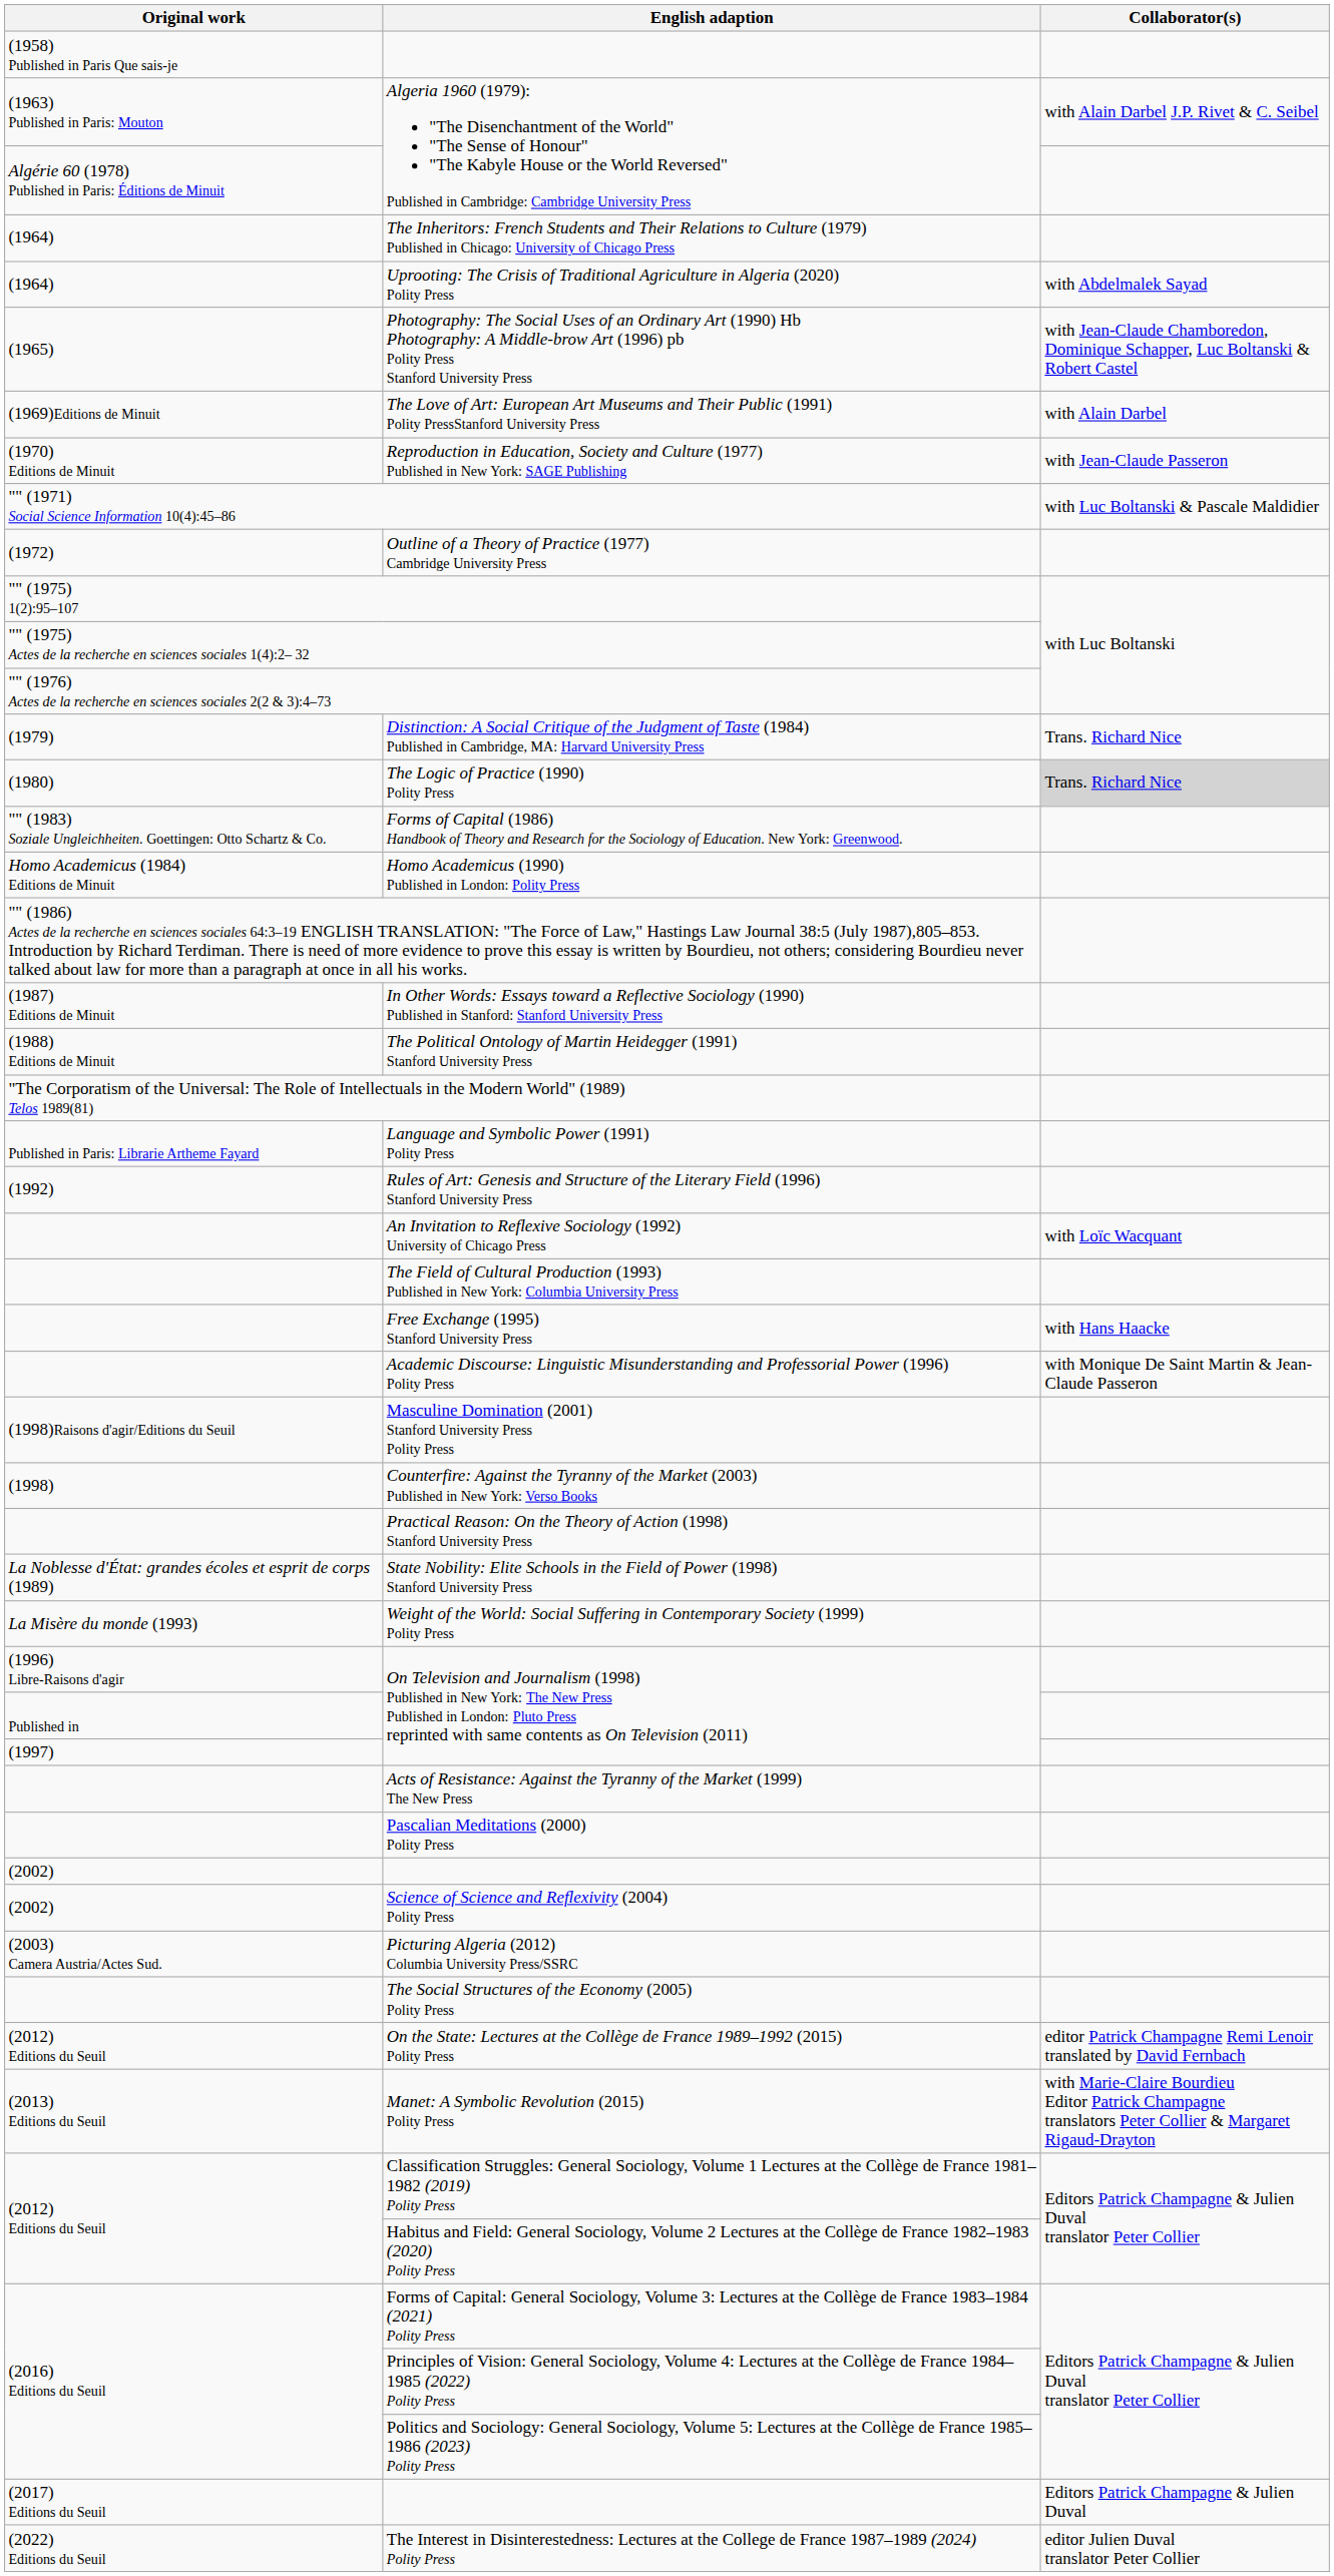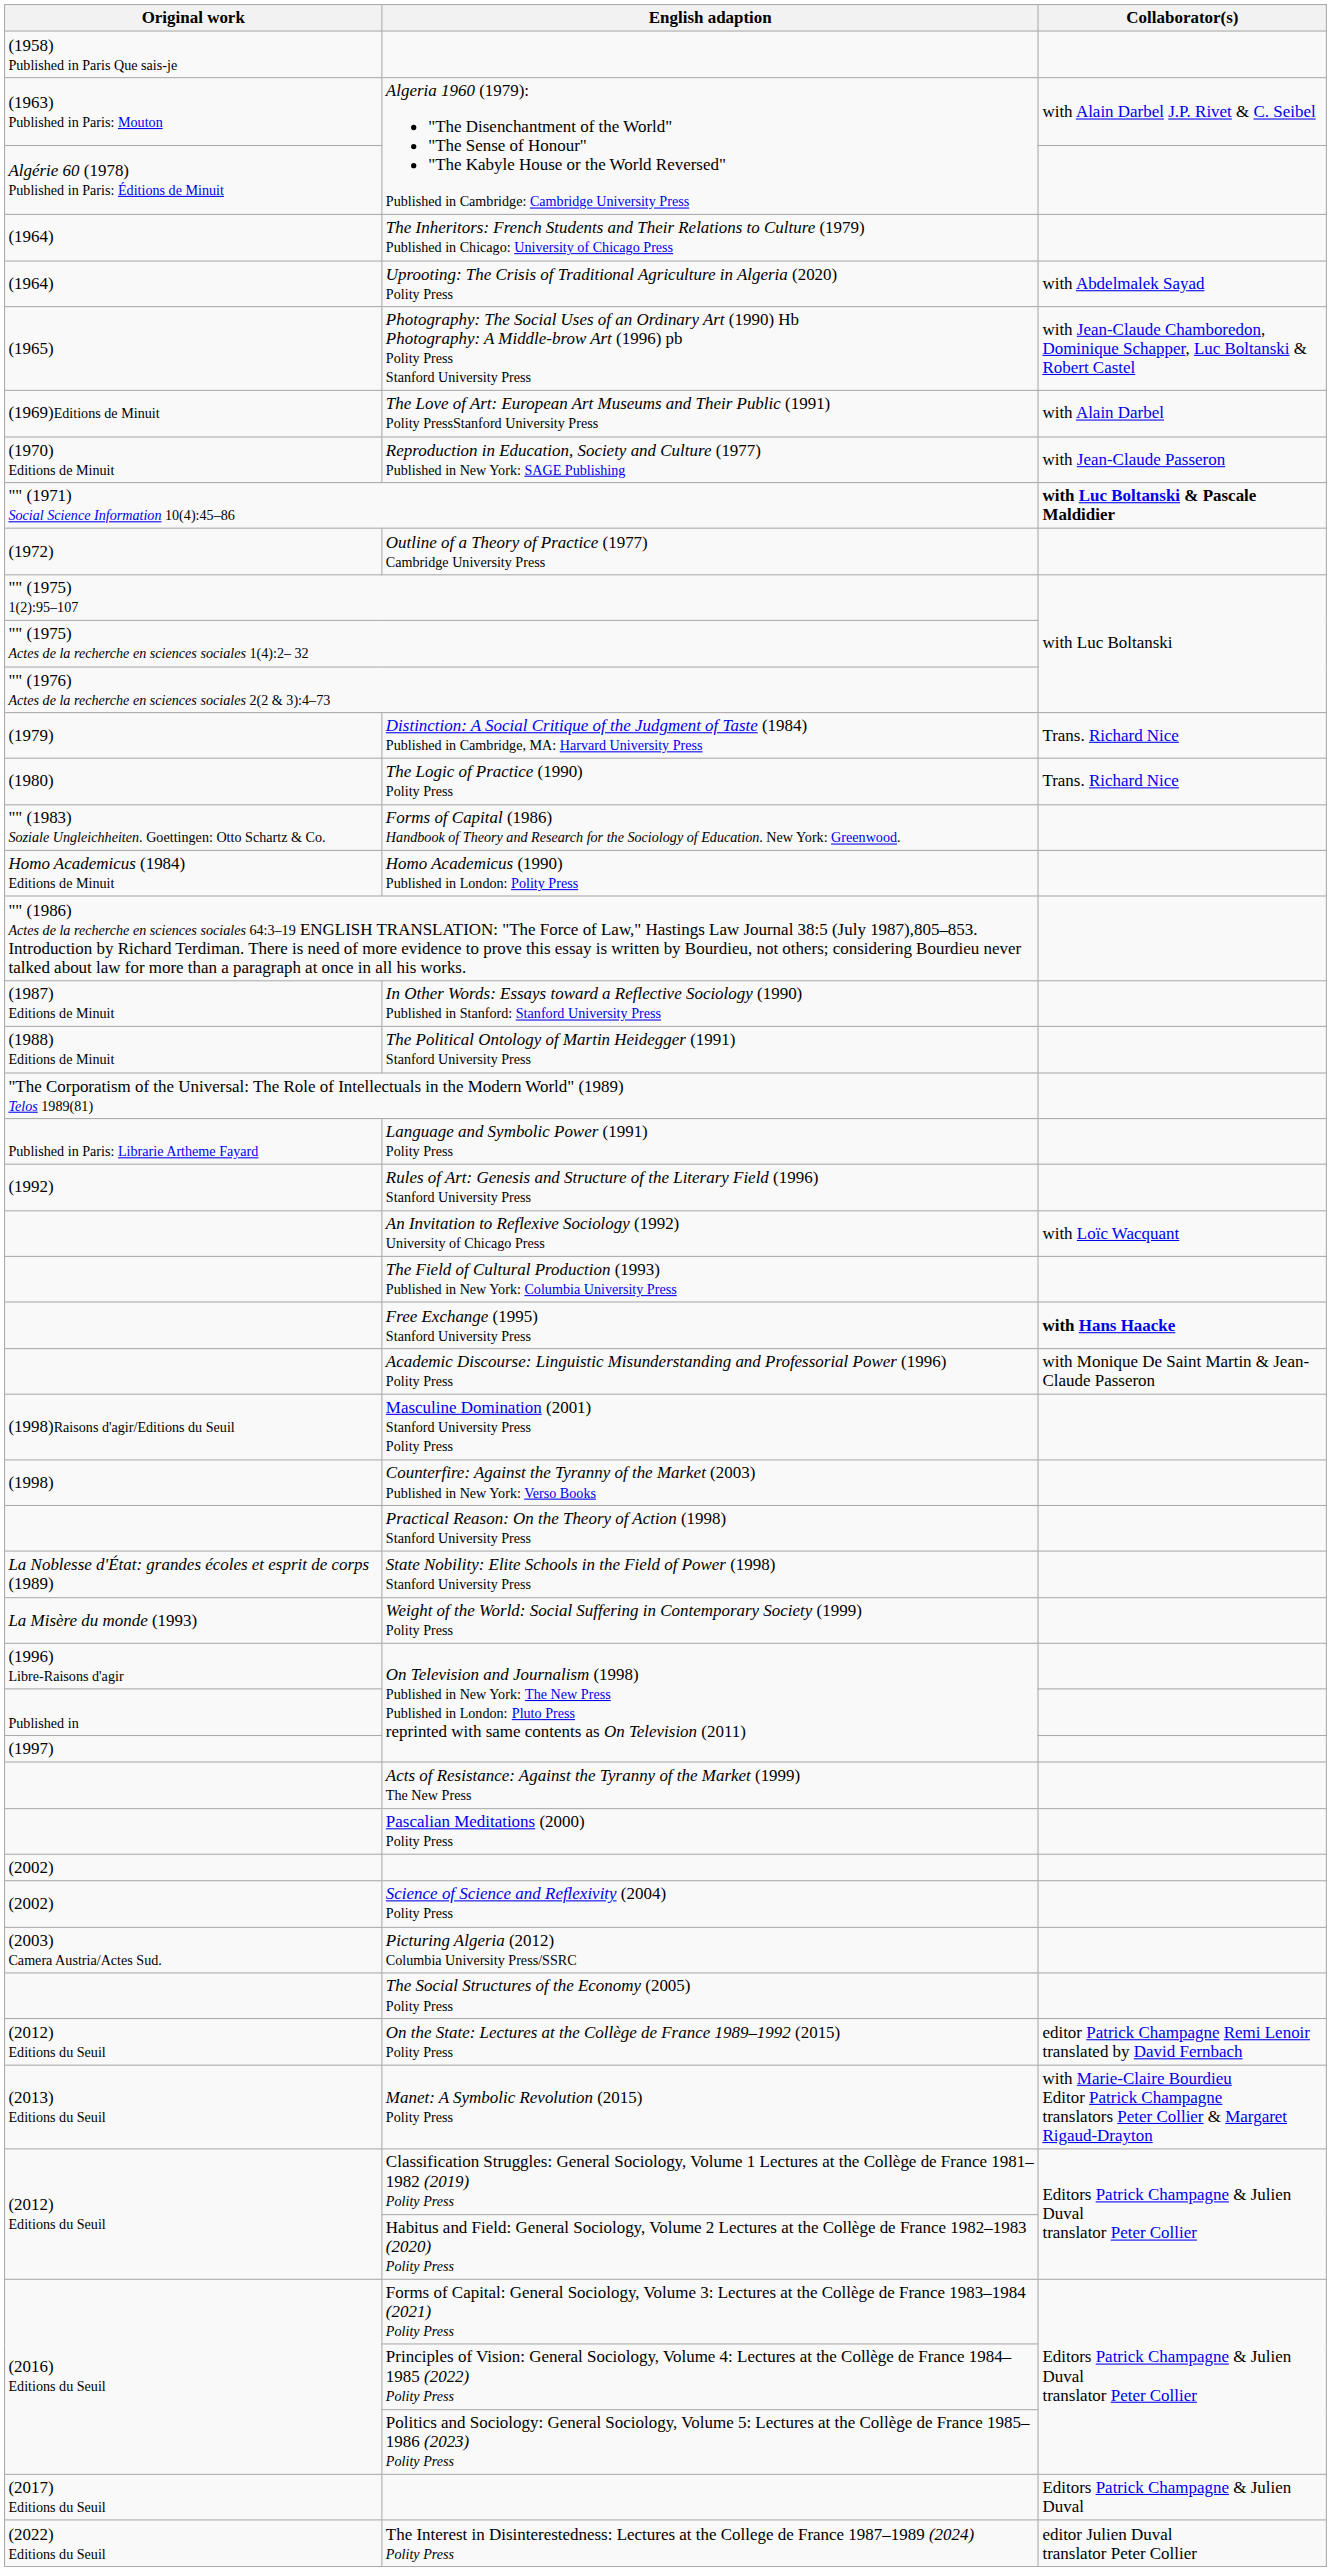 <table class="wikitable">
 <tr>
 <th>Original work</th>
 <th>English adaption</th>
 <th>Collaborator(s)</th>
 </tr>
 <tr>
 <td> (1958)<br><small>Published in Paris Que sais-je</small></td>
 <td></td>
 <td></td>
 </tr>
 <tr>
 <td> (1963)<br><small>Published in Paris: <a href='#'>Mouton</a></small></td>
 <td rowspan="2"><em>Algeria 1960</em> (1979):<br><ul><li>"The Disenchantment of the World"</li><li>"The Sense of Honour"</li><li>"The Kabyle House or the World Reversed"</li></ul><small>Published in Cambridge: <a href='#'>Cambridge University Press</a></small></td>
 <td>with <a href='#'>Alain Darbel</a> <a href='#'>J.P. Rivet</a> & <a href='#'>C. Seibel</a></td>
 </tr>
 <tr>
 <td><em>Algérie 60</em> (1978)<br><small>Published in Paris: <a href='#'>Éditions de Minuit</a></small></td>
 <td></td>
 </tr>
 <tr>
 <td> (1964)</td>
 <td><em>The Inheritors: French Students and Their Relations to Culture</em> (1979)<br><small>Published in Chicago: <a href='#'>University of Chicago Press</a></small></td>
 <td></td>
 </tr>
 <tr>
 <td> (1964)</td>
 <td><em>Uprooting: The Crisis of Traditional Agriculture in Algeria</em> (2020)<br><small>Polity Press</small></td>
 <td>with <a href='#'>Abdelmalek Sayad</a></td>
 </tr>
 <tr>
 <td> (1965)</td>
 <td><em>Photography: The Social Uses of an Ordinary Art</em> (1990) Hb<br><em>Photography: A Middle-brow Art</em> (1996) pb<br><small>Polity Press</small><br><small>Stanford University Press</small></td>
 <td>with <a href='#'>Jean-Claude Chamboredon</a>, <a href='#'>Dominique Schapper</a>, <a href='#'>Luc Boltanski</a> & <a href='#'>Robert Castel</a></td>
 </tr>
 <tr>
 <td> (1969)<small>Editions de Minuit</small></td>
 <td><em>The Love of Art: European Art Museums and Their Public</em> (1991)<br><small>Polity Press</small><small>Stanford University Press</small></td>
 <td>with <a href='#'>Alain Darbel</a></td>
 </tr>
 <tr>
 <td> (1970)<br><small>Editions de Minuit</small></td>
 <td><em>Reproduction in Education, Society and Culture</em> (1977)<br><small>Published in New York: <a href='#'>SAGE Publishing</a></small></td>
 <td>with <a href='#'>Jean-Claude Passeron</a></td>
 </tr>
 <tr>
 <td colspan="2">"" (1971)<br><small><em><a href='#'>Social Science Information</a></em> 10(4):45–86</small></td>
-<td>with <a href='#'>Luc Boltanski</a> & Pascale Maldidier</td>
+<td><strong>with <a href='#'>Luc Boltanski</a> & Pascale Maldidier</strong></td>
 </tr>
 <tr>
 <td> (1972)</td>
 <td><em>Outline of a Theory of Practice</em> (1977)<br><small>Cambridge University Press</small></td>
 <td></td>
 </tr>
 <tr>
 <td colspan="2">"" (1975)<br><small> 1(2):95–107</small></td>
 <td rowspan="3">with Luc Boltanski</td>
 </tr>
 <tr>
 <td colspan="2">"" (1975)<br><small><em>Actes de la recherche en sciences sociales</em> 1(4):2– 32</small></td>
 </tr>
 <tr>
 <td colspan="2">"" (1976)<br><small><em>Actes de la recherche en sciences sociales</em> 2(2 & 3):4–73</small></td>
 </tr>
 <tr>
 <td> (1979)</td>
 <td><em><a href='#'>Distinction: A Social Critique of the Judgment of Taste</a></em> (1984)<br><small>Published in Cambridge, MA: <a href='#'>Harvard University Press</a></small></td>
 <td>Trans. <a href='#'>Richard Nice</a></td>
 </tr>
 <tr>
 <td> (1980)</td>
 <td><em>The Logic of Practice</em> (1990)<br><small>Polity Press</small></td>
-<td style="background: lightgrey;">Trans. <a href='#'>Richard Nice</a></td>
+<td>Trans. <a href='#'>Richard Nice</a></td>
 </tr>
 <tr>
 <td>"" (1983)<br><small><em>Soziale Ungleichheiten</em>. Goettingen: Otto Schartz & Co.</small></td>
 <td><em>Forms of Capital</em> (1986)<br><small><em>Handbook of Theory and Research for the Sociology of Education</em>. New York: <a href='#'>Greenwood</a>.</small></td>
 <td></td>
 </tr>
 <tr>
 <td><em>Homo Academicus</em> (1984)<br><small>Editions de Minuit</small></td>
 <td><em>Homo Academicus</em> (1990)<br><small>Published in London: <a href='#'>Polity Press</a></small></td>
 <td></td>
 </tr>
 <tr>
 <td colspan="2">"" (1986)<br><small><em>Actes de la recherche en sciences sociales</em> 64:3–19</small> ENGLISH TRANSLATION:  "The Force of Law," Hastings Law Journal 38:5 (July 1987),805–853.  Introduction by Richard Terdiman. There is need of more evidence to prove this essay is written by Bourdieu, not others; considering Bourdieu never talked about law for more than a paragraph at once in all his works.</td>
 <td></td>
 </tr>
 <tr>
 <td> (1987)<br><small>Editions de Minuit</small></td>
 <td><em>In Other Words: Essays toward a Reflective Sociology</em> (1990)<br><small>Published in Stanford: <a href='#'>Stanford University Press</a></small></td>
 <td></td>
 </tr>
 <tr>
 <td> (1988)<br><small>Editions de Minuit</small></td>
 <td><em>The Political Ontology of Martin Heidegger</em> (1991)<br><small>Stanford University Press</small></td>
 <td></td>
 </tr>
 <tr>
 <td colspan="2">"The Corporatism of the Universal: The Role of Intellectuals in the Modern World" (1989)<br><small><em><a href='#'>Telos</a></em> 1989(81)</small></td>
 <td></td>
 </tr>
 <tr>
 <td><br><small>Published in Paris: <a href='#'>Librarie Artheme Fayard</a></small></td>
 <td><em>Language and Symbolic Power</em> (1991)<br><small>Polity Press</small></td>
 <td></td>
 </tr>
 <tr>
 <td> (1992)</td>
 <td><em>Rules of Art: Genesis and Structure of the Literary Field</em> (1996)<br><small>Stanford University Press</small></td>
 <td></td>
 </tr>
 <tr>
 <td></td>
 <td><em>An Invitation to Reflexive Sociology</em> (1992)<br><small>University of Chicago Press</small></td>
 <td>with <a href='#'>Loïc Wacquant</a></td>
 </tr>
 <tr>
 <td></td>
 <td><em>The Field of Cultural Production</em> (1993)<br><small>Published in New York: <a href='#'>Columbia University Press</a></small></td>
 <td></td>
 </tr>
 <tr>
 <td></td>
 <td><em>Free Exchange</em> (1995)<br><small>Stanford University Press</small></td>
-<td>with <a href='#'>Hans Haacke</a></td>
+<td><strong>with <a href='#'>Hans Haacke</a></strong></td>
 </tr>
 <tr>
 <td></td>
 <td><em>Academic Discourse: Linguistic Misunderstanding and Professorial Power</em> (1996)<br><small>Polity Press</small></td>
 <td>with Monique De Saint Martin & Jean-Claude Passeron</td>
 </tr>
 <tr>
 <td> (1998)<small>Raisons d'agir/Editions du Seuil</small></td>
 <td><a href='#'>Masculine Domination</a> (2001)<br><small>Stanford University Press</small><br><small>Polity Press</small></td>
 <td></td>
 </tr>
 <tr>
 <td><em></em> (1998)</td>
 <td><em>Counterfire: Against the Tyranny of the Market</em> (2003)<br><small>Published in New York: <a href='#'>Verso Books</a></small></td>
 <td></td>
 </tr>
 <tr>
 <td></td>
 <td><em>Practical Reason: On the Theory of Action</em> (1998)<br><small>Stanford University Press</small></td>
 <td></td>
 </tr>
 <tr>
 <td><em>La Noblesse d'État: grandes écoles et esprit de corps</em> (1989)</td>
 <td><em>State Nobility: Elite Schools in the Field of Power</em> (1998)<br><small>Stanford University Press</small></td>
 <td></td>
 </tr>
 <tr>
 <td><em>La Misère du monde</em> (1993)</td>
 <td><em>Weight of the World: Social Suffering in Contemporary Society</em> (1999)<br><small>Polity Press</small></td>
 <td></td>
 </tr>
 <tr>
 <td> (1996)<br><small>Libre-Raisons d'agir</small></td>
 <td rowspan="3"><em>On Television and Journalism</em> (1998)<br><small>Published in New York:</small> <a href='#'><small>The New Press</small></a><br> <small>Published in London:</small> <a href='#'><small>Pluto Press</small></a><br> reprinted with same contents as <em>On Television</em> (2011)</td>
 <td></td>
 </tr>
 <tr>
 <td><br><small>Published in </small></td>
 <td></td>
 </tr>
 <tr>
 <td> (1997)</td>
 <td></td>
 </tr>
 <tr>
 <td></td>
 <td><em>Acts of Resistance: Against the Tyranny of the Market</em> (1999)<br><small>The New Press</small></td>
 <td></td>
 </tr>
 <tr>
 <td></td>
 <td><a href='#'>Pascalian Meditations</a> (2000)<br><small>Polity Press</small></td>
 <td></td>
 </tr>
 <tr>
 <td> (2002)</td>
 <td></td>
 <td></td>
 </tr>
 <tr>
 <td> (2002)</td>
 <td><em><a href='#'>Science of Science and Reflexivity</a></em> (2004)<br><small>Polity Press</small></td>
 <td></td>
 </tr>
 <tr>
 <td><em></em> (2003)<br><small>Camera Austria/Actes Sud.</small></td>
 <td><em>Picturing Algeria</em> (2012)<br><small>Columbia University Press/SSRC</small></td>
 <td></td>
 </tr>
 <tr>
 <td></td>
 <td><em>The Social Structures of the Economy</em> (2005)<br><small>Polity Press</small></td>
 <td></td>
 </tr>
 <tr>
 <td> (2012)<br><small>Editions du Seuil</small></td>
 <td><em>On the State: Lectures at the Collège de France 1989–1992</em> (2015)<br><small>Polity Press</small></td>
 <td>editor <a href='#'>Patrick Champagne</a> <a href='#'>Remi Lenoir</a><br>translated by <a href='#'>David Fernbach</a></td>
 </tr>
 <tr>
 <td> (2013)<br><small>Editions du Seuil</small></td>
 <td><em>Manet: A Symbolic Revolution</em> (2015)<br><small>Polity Press</small><br><em></td>
 <td>with <a href='#'>Marie-Claire Bourdieu</a><br>Editor <a href='#'>Patrick Champagne</a><br>translators <a href='#'>Peter Collier</a> & <a href='#'>Margaret Rigaud-Drayton</a></td>
 </tr>
 <tr>
 <td rowspan="2"> (2012)<br><small>Editions du Seuil</small></td>
 <td></em>Classification Struggles: General Sociology, Volume 1 Lectures at the Collège de France 1981–1982<em> (2019)<br><small>Polity Press</small></td>
 <td rowspan="2">Editors <a href='#'>Patrick Champagne</a> & Julien Duval <br>translator <a href='#'>Peter Collier</a></td>
 </tr>
 <tr>
 <td></em>Habitus and Field: General Sociology, Volume 2 Lectures at the Collège de France 1982–1983<em> (2020)<br><small>Polity Press</small></td>
 </tr>
 <tr>
 <td rowspan="3"> (2016)<br><small>Editions du Seuil</small></td>
 <td></em>Forms of Capital: General Sociology, Volume 3: Lectures at the Collège de France 1983–1984<em> (2021)<br><small>Polity Press</small></td>
 <td rowspan="3">Editors <a href='#'>Patrick Champagne</a> & Julien Duval<br>translator <a href='#'>Peter Collier</a></td>
 </tr>
 <tr>
 <td></em>Principles of Vision: General Sociology, Volume 4: Lectures at the Collège de France 1984–1985<em> (2022)<br><small>Polity Press</small></td>
 </tr>
 <tr>
 <td></em>Politics and Sociology: General Sociology, Volume 5: Lectures at the Collège de France 1985–1986<em> (2023)<br><small>Polity Press</small></td>
 </tr>
 <tr>
 <td> (2017)<br><small>Editions du Seuil</small></td>
 <td></td>
 <td>Editors <a href='#'>Patrick Champagne</a> & Julien Duval</td>
 </tr>
 <tr>
 <td> (2022)<br><small>Editions du Seuil</small></td>
 <td></em>The Interest in Disinterestedness: Lectures at the College de France 1987–1989<em> (2024)<br><small>Polity Press</small></td>
 <td>editor Julien Duval<br>translator Peter Collier</td>
 </tr>
 </table>
